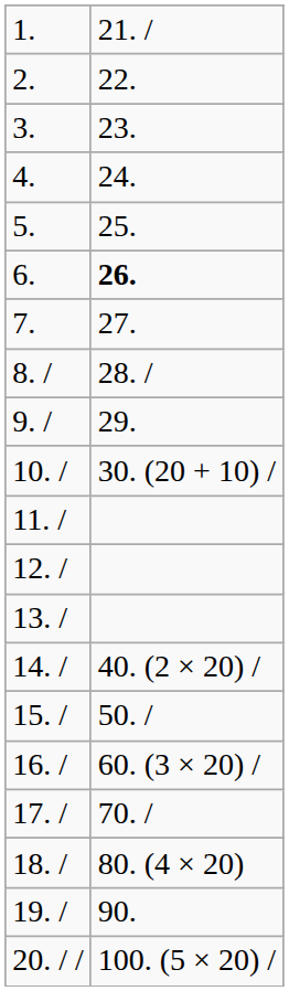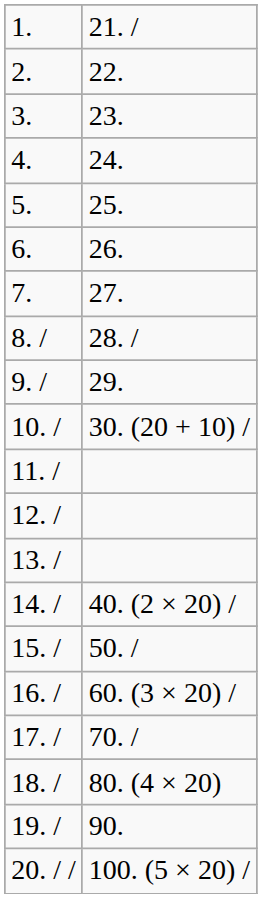 <table class="wikitable">
 <tr>
 <td>1. </td>
 <td>21.  / </td>
 </tr>
 <tr>
 <td>2. </td>
 <td>22. </td>
 </tr>
 <tr>
 <td>3. </td>
 <td>23. </td>
 </tr>
 <tr>
 <td>4. </td>
 <td>24. </td>
 </tr>
 <tr>
 <td>5. </td>
 <td>25. </td>
 </tr>
 <tr>
 <td>6. </td>
-<td><strong>26. </strong></td>
+<td>26. </td>
 </tr>
 <tr>
 <td>7. </td>
 <td>27. </td>
 </tr>
 <tr>
 <td>8.  / </td>
 <td>28.  / </td>
 </tr>
 <tr>
 <td>9.  / </td>
 <td>29. </td>
 </tr>
 <tr>
 <td>10.  / </td>
 <td>30.  (20 + 10) / </td>
 </tr>
 <tr>
 <td>11.  / </td>
 <td></td>
 </tr>
 <tr>
 <td>12.  / </td>
 <td></td>
 </tr>
 <tr>
 <td>13.  / </td>
 <td></td>
 </tr>
 <tr>
 <td>14.  / </td>
 <td>40.  (2 × 20) / </td>
 </tr>
 <tr>
 <td>15.  / </td>
 <td>50.  / </td>
 </tr>
 <tr>
 <td>16.  / </td>
 <td>60.  (3 × 20) / </td>
 </tr>
 <tr>
 <td>17.  / </td>
 <td>70.  / </td>
 </tr>
 <tr>
 <td>18.  / </td>
 <td>80.  (4 × 20)</td>
 </tr>
 <tr>
 <td>19.  / </td>
 <td>90. </td>
 </tr>
 <tr>
 <td>20.  /  / </td>
 <td>100.  (5 × 20) / </td>
 </tr>
 </table>
